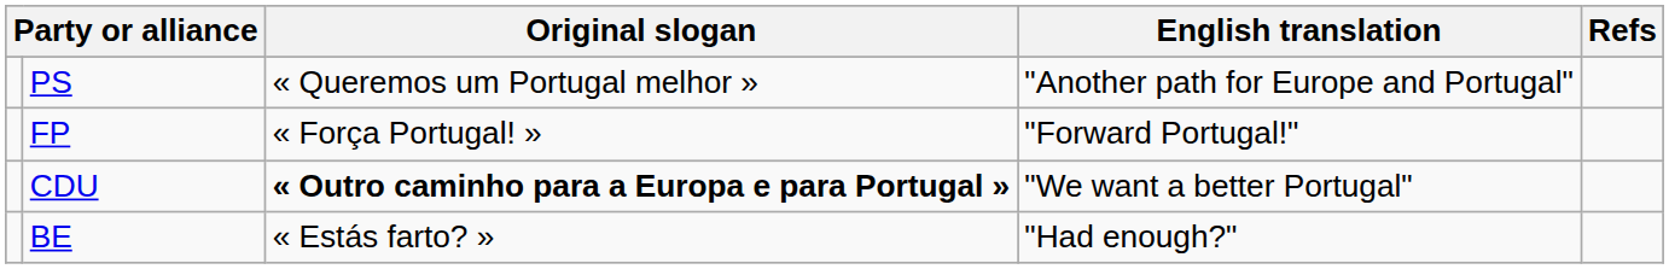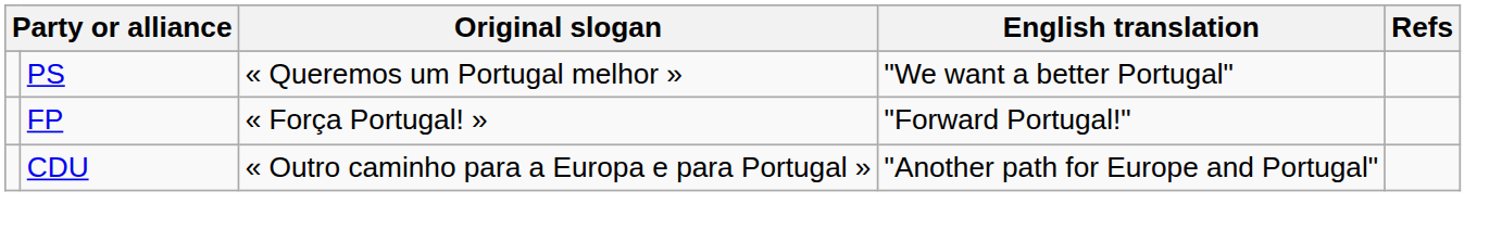 <table class="wikitable" style="font-size:97%; text-align:left;">
 <tr>
 <th style="text-align:left;" colspan="2">Party or alliance</th>
 <th>Original slogan</th>
 <th>English translation</th>
 <th>Refs</th>
 </tr>
 <tr>
 <td width="1" style="color:inherit;background:"></td>
 <td><a href='#'>PS</a></td>
 <td>« Queremos um Portugal melhor »</td>
-<td>"Another path for Europe and Portugal"</td>
+<td>"We want a better Portugal"</td>
 <td></td>
 </tr>
 <tr>
 <td style="color:inherit;background:"></td>
 <td><a href='#'>FP</a></td>
 <td>« Força Portugal! »</td>
 <td>"Forward Portugal!"</td>
 <td></td>
 </tr>
 <tr>
 <td style="color:inherit;background:"></td>
 <td><a href='#'>CDU</a></td>
-<td><strong>« Outro caminho para a Europa e para Portugal »</strong></td>
-<td>"We want a better Portugal"</td>
-<td></td>
-</tr>
-<tr>
-<td style="color:inherit;background:"></td>
-<td><a href='#'>BE</a></td>
-<td>« Estás farto? »</td>
-<td>"Had enough?"</td>
+<td>« Outro caminho para a Europa e para Portugal »</td>
+<td>"Another path for Europe and Portugal"</td>
 <td></td>
 </tr>
 </table>
